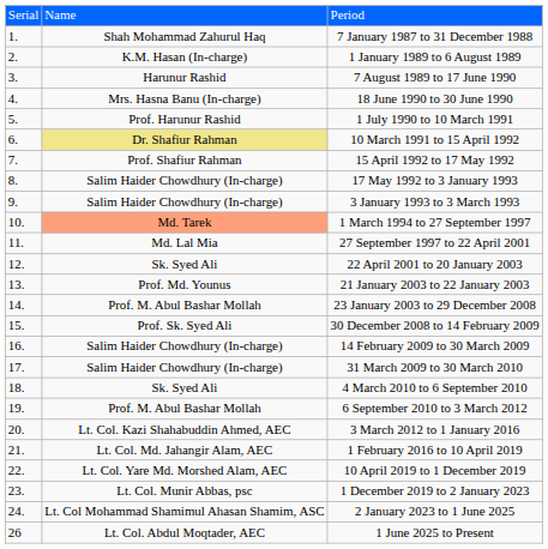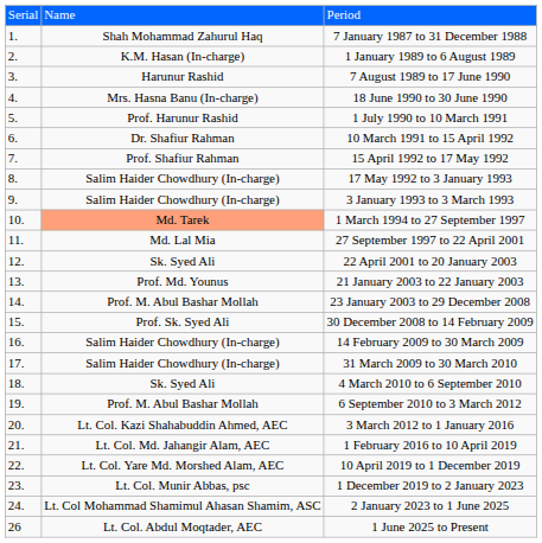 <table class="wikitable sortable" style="width:auto">
 <tr style="color:white; background:#06f;">
 <td>Serial</td>
 <td>Name</td>
 <td>Period</td>
 </tr>
 <tr>
 <td>1.</td>
 <td style="text-align:center;">Shah Mohammad Zahurul Haq</td>
 <td style="text-align:center;">7 January 1987 to 31 December 1988</td>
 </tr>
 <tr>
 <td>2.</td>
 <td style="text-align:center;">K.M. Hasan (In-charge)</td>
 <td style="text-align:center;">1 January 1989 to 6 August 1989</td>
 </tr>
 <tr>
 <td>3.</td>
 <td style="text-align:center;">Harunur Rashid</td>
 <td style="text-align:center;">7 August 1989 to 17 June 1990</td>
 </tr>
 <tr>
 <td>4.</td>
 <td style="text-align:center;">Mrs. Hasna Banu (In-charge)</td>
 <td style="text-align:center;">18 June 1990 to 30 June 1990</td>
 </tr>
 <tr>
 <td>5.</td>
 <td style="text-align:center;">Prof. Harunur Rashid</td>
 <td style="text-align:center;">1 July 1990 to 10 March 1991</td>
 </tr>
 <tr>
 <td>6.</td>
-<td style="background: khaki; text-align:center;">Dr. Shafiur Rahman</td>
+<td style="text-align:center;">Dr. Shafiur Rahman</td>
 <td style="text-align:center;">10 March 1991 to 15 April 1992</td>
 </tr>
 <tr>
 <td>7.</td>
 <td style="text-align:center;">Prof. Shafiur Rahman</td>
 <td style="text-align:center;">15 April 1992 to 17 May 1992</td>
 </tr>
 <tr>
 <td>8.</td>
 <td style="text-align:center;">Salim Haider Chowdhury (In-charge)</td>
 <td style="text-align:center;">17 May 1992 to 3 January 1993</td>
 </tr>
 <tr>
 <td>9.</td>
 <td style="text-align:center;">Salim Haider Chowdhury (In-charge)</td>
 <td style="text-align:center;">3 January 1993 to 3 March 1993</td>
 </tr>
 <tr>
 <td>10.</td>
 <td style="background: lightsalmon; text-align:center;">Md. Tarek</td>
 <td style="text-align:center;">1 March 1994 to 27 September 1997</td>
 </tr>
 <tr>
 <td>11.</td>
 <td style="text-align:center;">Md. Lal Mia</td>
 <td style="text-align:center;">27 September 1997 to 22 April 2001</td>
 </tr>
 <tr>
 <td>12.</td>
 <td style="text-align:center;">Sk. Syed Ali</td>
 <td style="text-align:center;">22 April 2001 to 20 January 2003</td>
 </tr>
 <tr>
 <td>13.</td>
 <td style="text-align:center;">Prof. Md. Younus</td>
 <td style="text-align:center;">21 January 2003 to 22 January 2003</td>
 </tr>
 <tr>
 <td>14.</td>
 <td style="text-align:center;">Prof. M. Abul Bashar Mollah</td>
 <td style="text-align:center;">23 January 2003 to 29 December 2008</td>
 </tr>
 <tr>
 <td>15.</td>
 <td style="text-align:center;">Prof. Sk. Syed Ali</td>
 <td style="text-align:center;">30 December 2008 to 14 February 2009</td>
 </tr>
 <tr>
 <td>16.</td>
 <td style="text-align:center;">Salim Haider Chowdhury (In-charge)</td>
 <td style="text-align:center;">14 February 2009 to 30 March 2009</td>
 </tr>
 <tr>
 <td>17.</td>
 <td style="text-align:center;">Salim Haider Chowdhury (In-charge)</td>
 <td style="text-align:center;">31 March 2009 to 30 March 2010</td>
 </tr>
 <tr>
 <td>18.</td>
 <td style="text-align:center;">Sk. Syed Ali</td>
 <td style="text-align:center;">4 March 2010 to 6 September 2010</td>
 </tr>
 <tr>
 <td>19.</td>
 <td style="text-align:center;">Prof. M. Abul Bashar Mollah</td>
 <td style="text-align:center;">6 September 2010 to 3 March 2012</td>
 </tr>
 <tr>
 <td>20.</td>
 <td style="text-align:center;">Lt. Col. Kazi Shahabuddin Ahmed, AEC</td>
 <td style="text-align:center;">3 March 2012 to 1 January 2016</td>
 </tr>
 <tr>
 <td>21.</td>
 <td style="text-align:center;">Lt. Col. Md. Jahangir Alam, AEC</td>
 <td style="text-align:center;">1 February 2016 to 10 April 2019</td>
 </tr>
 <tr>
 <td>22.</td>
 <td style="text-align:center;">Lt. Col. Yare Md. Morshed Alam, AEC</td>
 <td style="text-align:center;">10 April 2019 to 1 December 2019</td>
 </tr>
 <tr>
 <td>23.</td>
 <td style="text-align: center;">Lt. Col. Munir Abbas, psc</td>
 <td style="text-align:center;">1 December 2019 to 2 January 2023</td>
 </tr>
 <tr>
 <td>24.</td>
 <td style="text-align:center;">Lt. Col Mohammad Shamimul Ahasan Shamim, ASC</td>
 <td style="text-align:center;">2 January 2023 to 1 June 2025</td>
 </tr>
 <tr>
 <td>26</td>
 <td style="text-align:center;">Lt. Col. Abdul Moqtader, AEC</td>
 <td style="text-align: center;">1 June 2025 to Present</td>
 </tr>
 </table>
